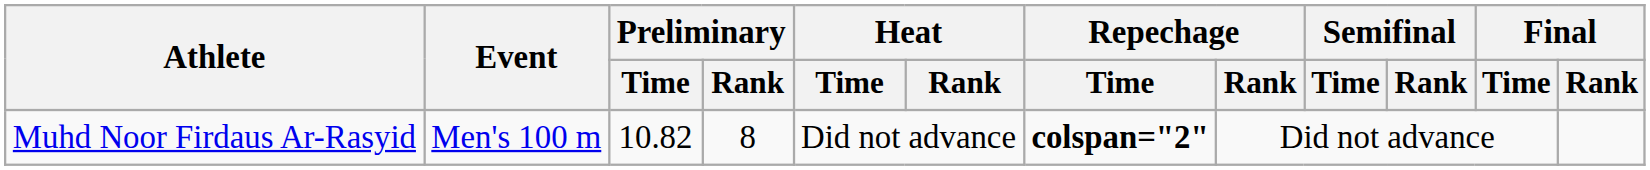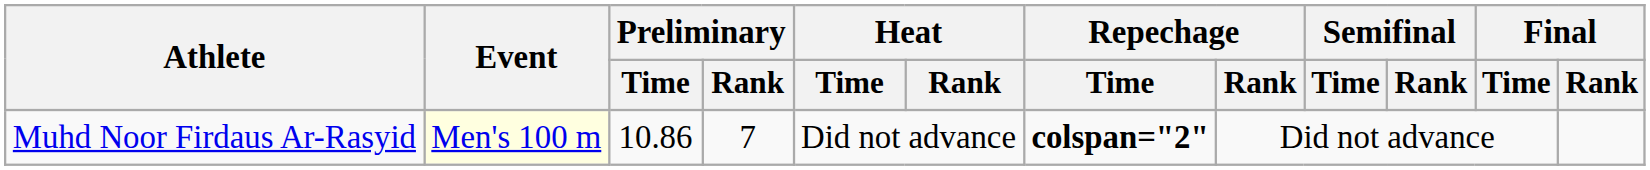 <table class="wikitable" style="font-size:90%">
 <tr>
 <th rowspan=2>Athlete</th>
 <th rowspan=2>Event</th>
 <th colspan=2>Preliminary</th>
 <th colspan=2>Heat</th>
 <th colspan=2>Repechage</th>
 <th colspan=2>Semifinal</th>
 <th colspan=2>Final</th>
 </tr>
 <tr style=font-size:95%>
 <th>Time</th>
 <th>Rank</th>
 <th>Time</th>
 <th>Rank</th>
 <th>Time</th>
 <th>Rank</th>
 <th>Time</th>
 <th>Rank</th>
 <th>Time</th>
 <th>Rank</th>
 </tr>
 <tr align=center>
 <td align=left><a href='#'>Muhd Noor Firdaus Ar-Rasyid</a></td>
-<td align=left><a href='#'>Men's 100 m</a></td>
-<td>10.82 </td>
-<td>8</td>
+<td align=left style="background: lightyellow;"><a href='#'>Men's 100 m</a></td>
+<td>10.86 </td>
+<td>7</td>
 <td colspan="2">Did not advance</td>
 <td><strong>colspan="2" </strong></td>
 <td colspan="4">Did not advance</td>
 </tr>
 </table>
